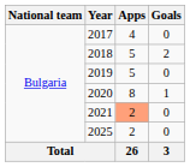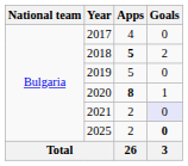 <table class="wikitable" style="text-align:center">
 <tr>
 <th>National team</th>
 <th>Year</th>
 <th>Apps</th>
 <th>Goals</th>
 </tr>
 <tr>
 <td rowspan="6"><a href='#'>Bulgaria</a></td>
 <td>2017</td>
 <td>4</td>
 <td>0</td>
 </tr>
 <tr>
 <td>2018</td>
-<td>5</td>
+<td><strong>5</strong></td>
 <td>2</td>
 </tr>
 <tr>
 <td>2019</td>
 <td>5</td>
 <td>0</td>
 </tr>
 <tr>
 <td>2020</td>
-<td>8</td>
+<td><strong>8</strong></td>
 <td>1</td>
 </tr>
 <tr>
 <td>2021</td>
-<td style="background: lightsalmon;">2</td>
-<td>0</td>
+<td>2</td>
+<td style="background: lavender;">0</td>
 </tr>
 <tr>
 <td>2025</td>
 <td>2</td>
-<td>0</td>
+<td><strong>0</strong></td>
 </tr>
 <tr>
 <th colspan="2">Total</th>
 <th>26</th>
 <th>3</th>
 </tr>
 </table>
